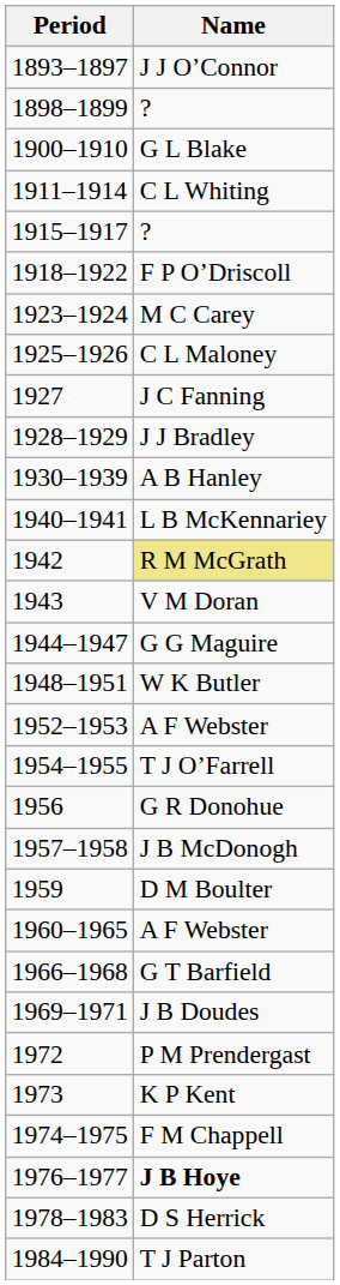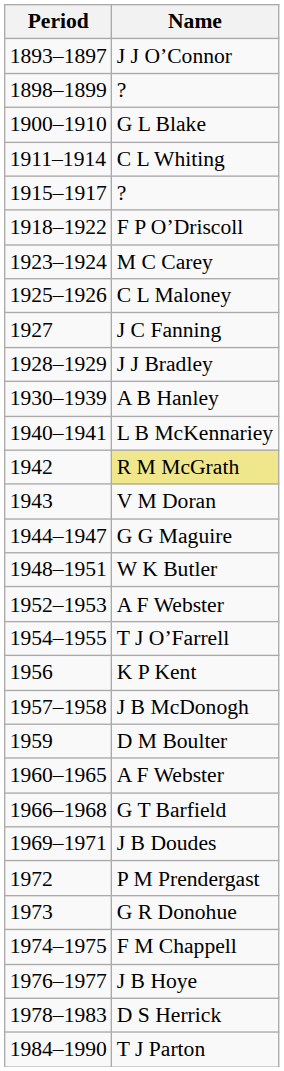 <table class="wikitable">
 <tr>
 <th>Period</th>
 <th>Name</th>
 </tr>
 <tr>
 <td>1893–1897</td>
 <td>J J O’Connor</td>
 </tr>
 <tr>
 <td>1898–1899</td>
 <td>?</td>
 </tr>
 <tr>
 <td>1900–1910</td>
 <td>G L Blake</td>
 </tr>
 <tr>
 <td>1911–1914</td>
 <td>C L Whiting</td>
 </tr>
 <tr>
 <td>1915–1917</td>
 <td>?</td>
 </tr>
 <tr>
 <td>1918–1922</td>
 <td>F P O’Driscoll</td>
 </tr>
 <tr>
 <td>1923–1924</td>
 <td>M C Carey</td>
 </tr>
 <tr>
 <td>1925–1926</td>
 <td>C L Maloney</td>
 </tr>
 <tr>
 <td>1927</td>
 <td>J C Fanning</td>
 </tr>
 <tr>
 <td>1928–1929</td>
 <td>J J Bradley</td>
 </tr>
 <tr>
 <td>1930–1939</td>
 <td>A B Hanley</td>
 </tr>
 <tr>
 <td>1940–1941</td>
 <td>L B McKennariey</td>
 </tr>
 <tr>
 <td>1942</td>
 <td style="background: khaki;">R M McGrath</td>
 </tr>
 <tr>
 <td>1943</td>
 <td>V M Doran</td>
 </tr>
 <tr>
 <td>1944–1947</td>
 <td>G G Maguire</td>
 </tr>
 <tr>
 <td>1948–1951</td>
 <td>W K Butler</td>
 </tr>
 <tr>
 <td>1952–1953</td>
 <td>A F Webster</td>
 </tr>
 <tr>
 <td>1954–1955</td>
 <td>T J O’Farrell</td>
 </tr>
 <tr>
 <td>1956</td>
-<td>G R Donohue</td>
+<td>K P Kent</td>
 </tr>
 <tr>
 <td>1957–1958</td>
 <td>J B McDonogh</td>
 </tr>
 <tr>
 <td>1959</td>
 <td>D M Boulter</td>
 </tr>
 <tr>
 <td>1960–1965</td>
 <td>A F Webster</td>
 </tr>
 <tr>
 <td>1966–1968</td>
 <td>G T Barfield</td>
 </tr>
 <tr>
 <td>1969–1971</td>
 <td>J B Doudes</td>
 </tr>
 <tr>
 <td>1972</td>
 <td>P M Prendergast</td>
 </tr>
 <tr>
 <td>1973</td>
-<td>K P Kent</td>
+<td>G R Donohue</td>
 </tr>
 <tr>
 <td>1974–1975</td>
 <td>F M Chappell</td>
 </tr>
 <tr>
 <td>1976–1977</td>
-<td><strong>J B Hoye</strong></td>
+<td>J B Hoye</td>
 </tr>
 <tr>
 <td>1978–1983</td>
 <td>D S Herrick</td>
 </tr>
 <tr>
 <td>1984–1990</td>
 <td>T J Parton</td>
 </tr>
 </table>
